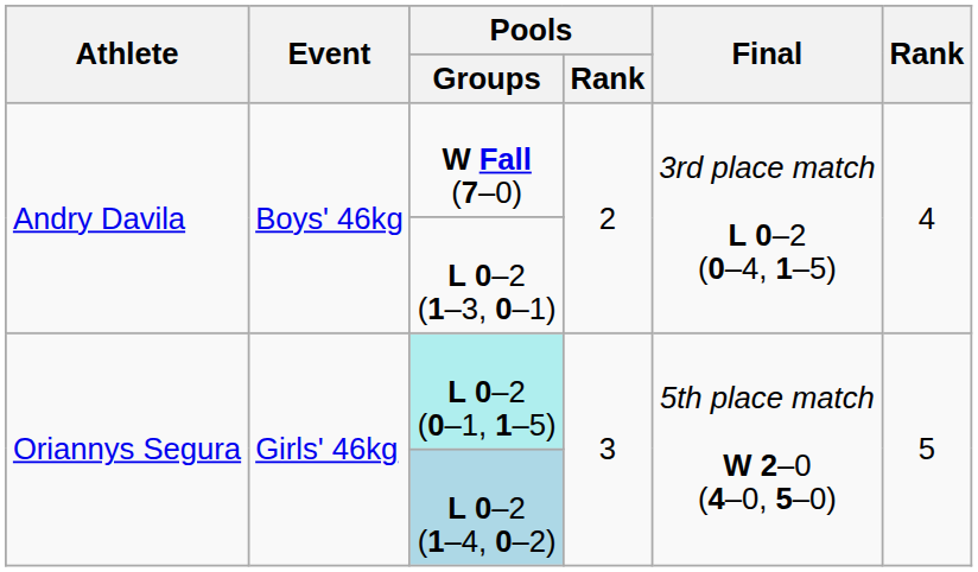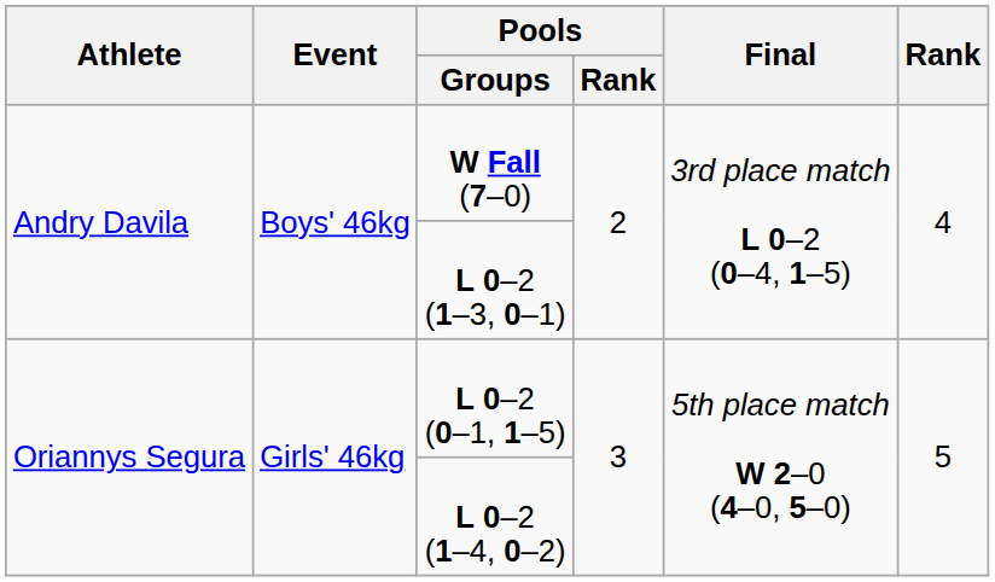 <table class="wikitable" style="text-align:left; font-size:90%">
 <tr>
 <th rowspan="2">Athlete</th>
 <th rowspan="2">Event</th>
 <th colspan="2">Pools</th>
 <th rowspan="2">Final</th>
 <th rowspan="2">Rank</th>
 </tr>
 <tr>
 <th>Groups</th>
 <th>Rank</th>
 </tr>
 <tr>
 <td rowspan="2"><a href='#'>Andry Davila</a></td>
 <td rowspan="2"><a href='#'>Boys' 46kg</a></td>
 <td align=center><br><strong>W</strong> <strong><a href='#'>Fall</a></strong><br>(<strong>7</strong>–0)</td>
 <td rowspan="2" align=center>2</td>
 <td align=center rowspan=2><em>3rd place match</em><br><br><strong>L</strong> <strong>0</strong>–2<br>(<strong>0</strong>–4, <strong>1</strong>–5)</td>
 <td rowspan="2" align="center">4</td>
 </tr>
 <tr>
 <td align=center><br><strong>L</strong> <strong>0</strong>–2<br>(<strong>1</strong>–3, <strong>0</strong>–1)</td>
 </tr>
 <tr>
 <td rowspan="2"><a href='#'>Oriannys Segura</a></td>
 <td rowspan="2"><a href='#'>Girls' 46kg</a></td>
-<td align=center style="background: paleturquoise;"><br><strong>L</strong> <strong>0</strong>–2<br>(<strong>0</strong>–1, <strong>1</strong>–5)</td>
+<td align=center><br><strong>L</strong> <strong>0</strong>–2<br>(<strong>0</strong>–1, <strong>1</strong>–5)</td>
 <td rowspan="2" align=center>3</td>
 <td align=center rowspan=2><em>5th place match</em><br><br><strong>W</strong> <strong>2</strong>–0<br>(<strong>4</strong>–0, <strong>5</strong>–0)</td>
 <td rowspan="2" align="center">5</td>
 </tr>
 <tr>
-<td align=center style="background: lightblue;"><br><strong>L</strong> <strong>0</strong>–2<br>(<strong>1</strong>–4, <strong>0</strong>–2)</td>
+<td align=center><br><strong>L</strong> <strong>0</strong>–2<br>(<strong>1</strong>–4, <strong>0</strong>–2)</td>
 </tr>
 </table>
